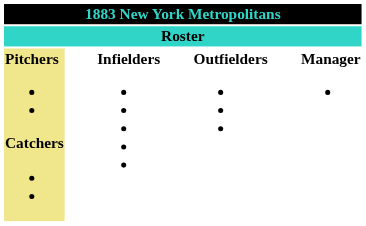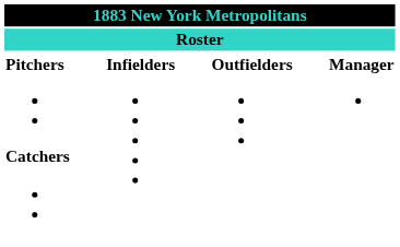 <table class="toccolours" style="font-size: 95%;">
 <tr>
 <th colspan="10" style="background-color: black; color: #30D5C8; text-align: center;">1883 New York Metropolitans</th>
 </tr>
 <tr>
 <td colspan="10" style="background-color: #30D5C8; color: black; text-align: center;"><strong>Roster</strong></td>
 </tr>
 <tr>
-<td valign="top" style="background: khaki;"><strong>Pitchers</strong><br><ul><li></li><li></li></ul><strong>Catchers</strong><ul><li></li><li></li></ul></td>
+<td valign="top"><strong>Pitchers</strong><br><ul><li></li><li></li></ul><strong>Catchers</strong><ul><li></li><li></li></ul></td>
 <td width="25px"></td>
 <td valign="top"><strong>Infielders</strong><br><ul><li></li><li></li><li></li><li></li><li></li></ul></td>
 <td width="25px"></td>
 <td valign="top"><strong>Outfielders</strong><br><ul><li></li><li></li><li></li></ul></td>
 <td width="25px"></td>
 <td valign="top"><strong>Manager</strong><br><ul><li></li></ul></td>
 </tr>
 </table>
